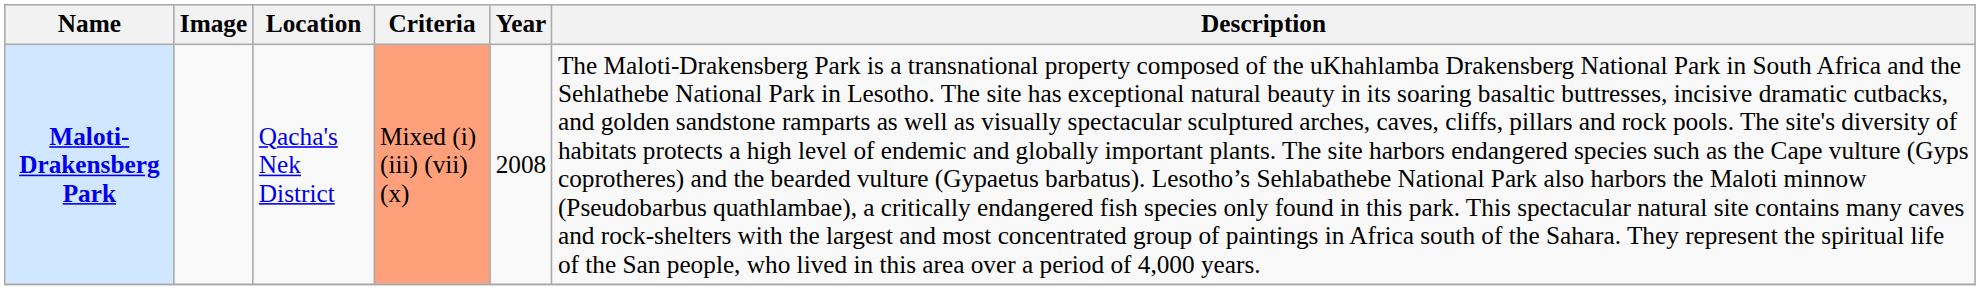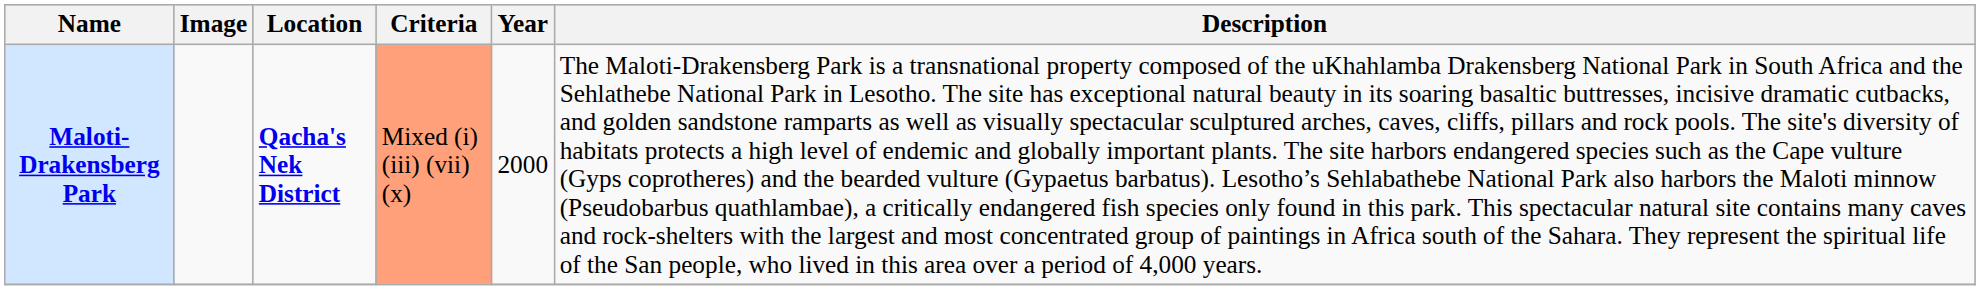 <table class="wikitable sortable">
 <tr>
 <th>Name</th>
 <th>Image</th>
 <th>Location</th>
 <th>Criteria</th>
 <th>Year</th>
 <th><strong>Description</strong></th>
 </tr>
 <tr>
 <th scope="row" style="background:#D0E7FF"><a href='#'>Maloti-Drakensberg Park</a></th>
 <td></td>
-<td><a href='#'>Qacha's Nek District</a><br></td>
+<td><strong><a href='#'>Qacha's Nek District</a><br></strong></td>
 <td style="background: lightsalmon;">Mixed (i) (iii) (vii) (x)</td>
-<td>2008</td>
+<td>2000</td>
 <td>The Maloti-Drakensberg Park is a transnational property composed of the uKhahlamba Drakensberg National Park in South Africa and the Sehlathebe National Park in Lesotho. The site has exceptional natural beauty in its soaring basaltic buttresses, incisive dramatic cutbacks, and golden sandstone ramparts as well as visually spectacular sculptured arches, caves, cliffs, pillars and rock pools. The site's diversity of habitats protects a high level of endemic and globally important plants. The site harbors endangered species such as the Cape vulture (Gyps coprotheres) and the bearded vulture (Gypaetus barbatus). Lesotho’s Sehlabathebe National Park also harbors the Maloti minnow (Pseudobarbus quathlambae), a critically endangered fish species only found in this park. This spectacular natural site contains many caves and rock-shelters with the largest and most concentrated group of paintings in Africa south of the Sahara. They represent the spiritual life of the San people, who lived in this area over a period of 4,000 years.</td>
 </tr>
 <tr>
 </tr>
 </table>
